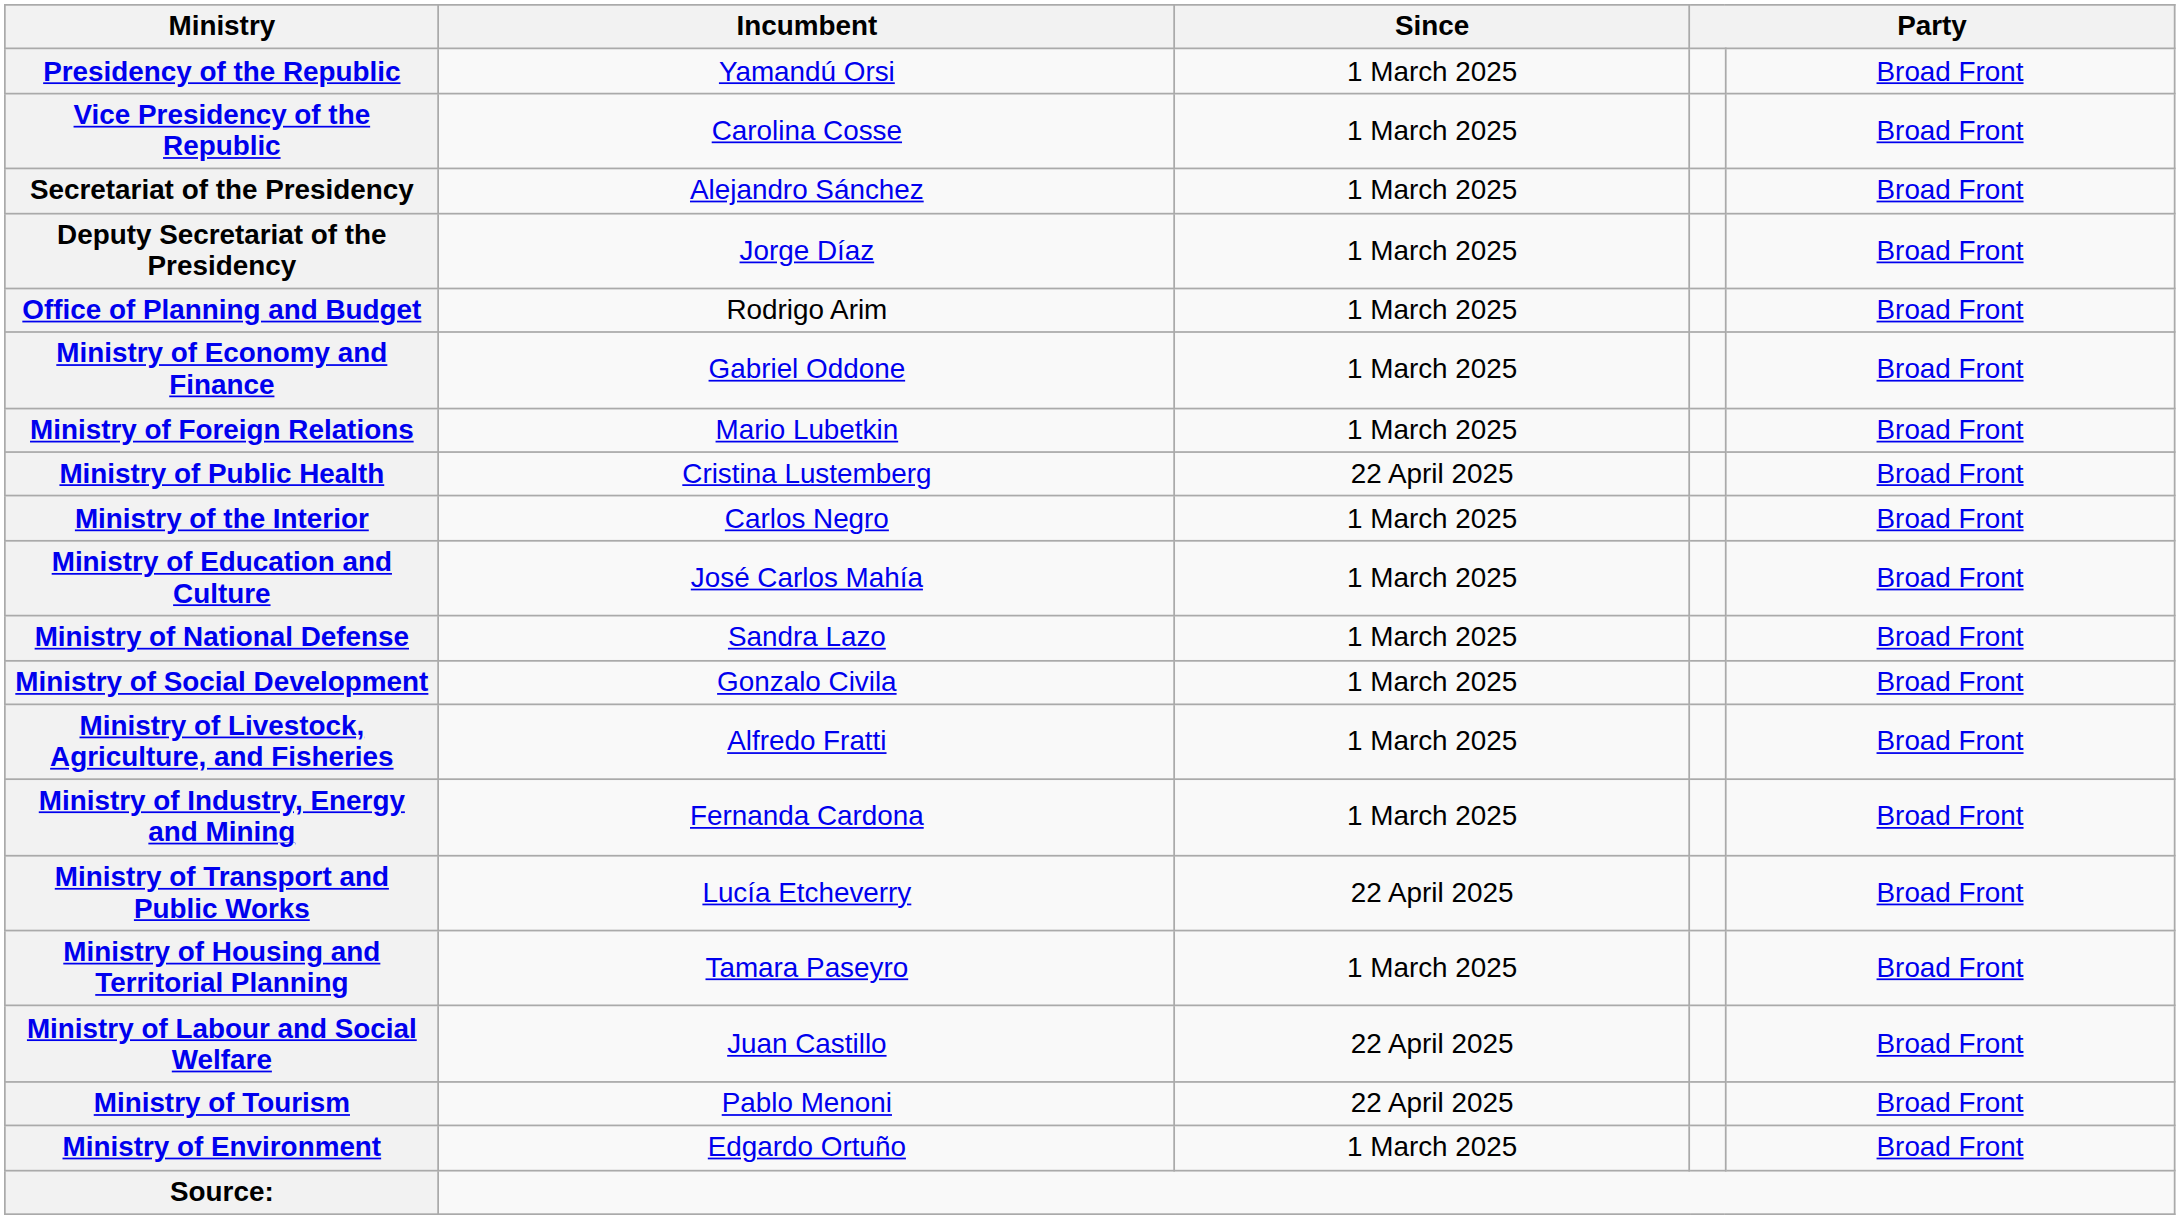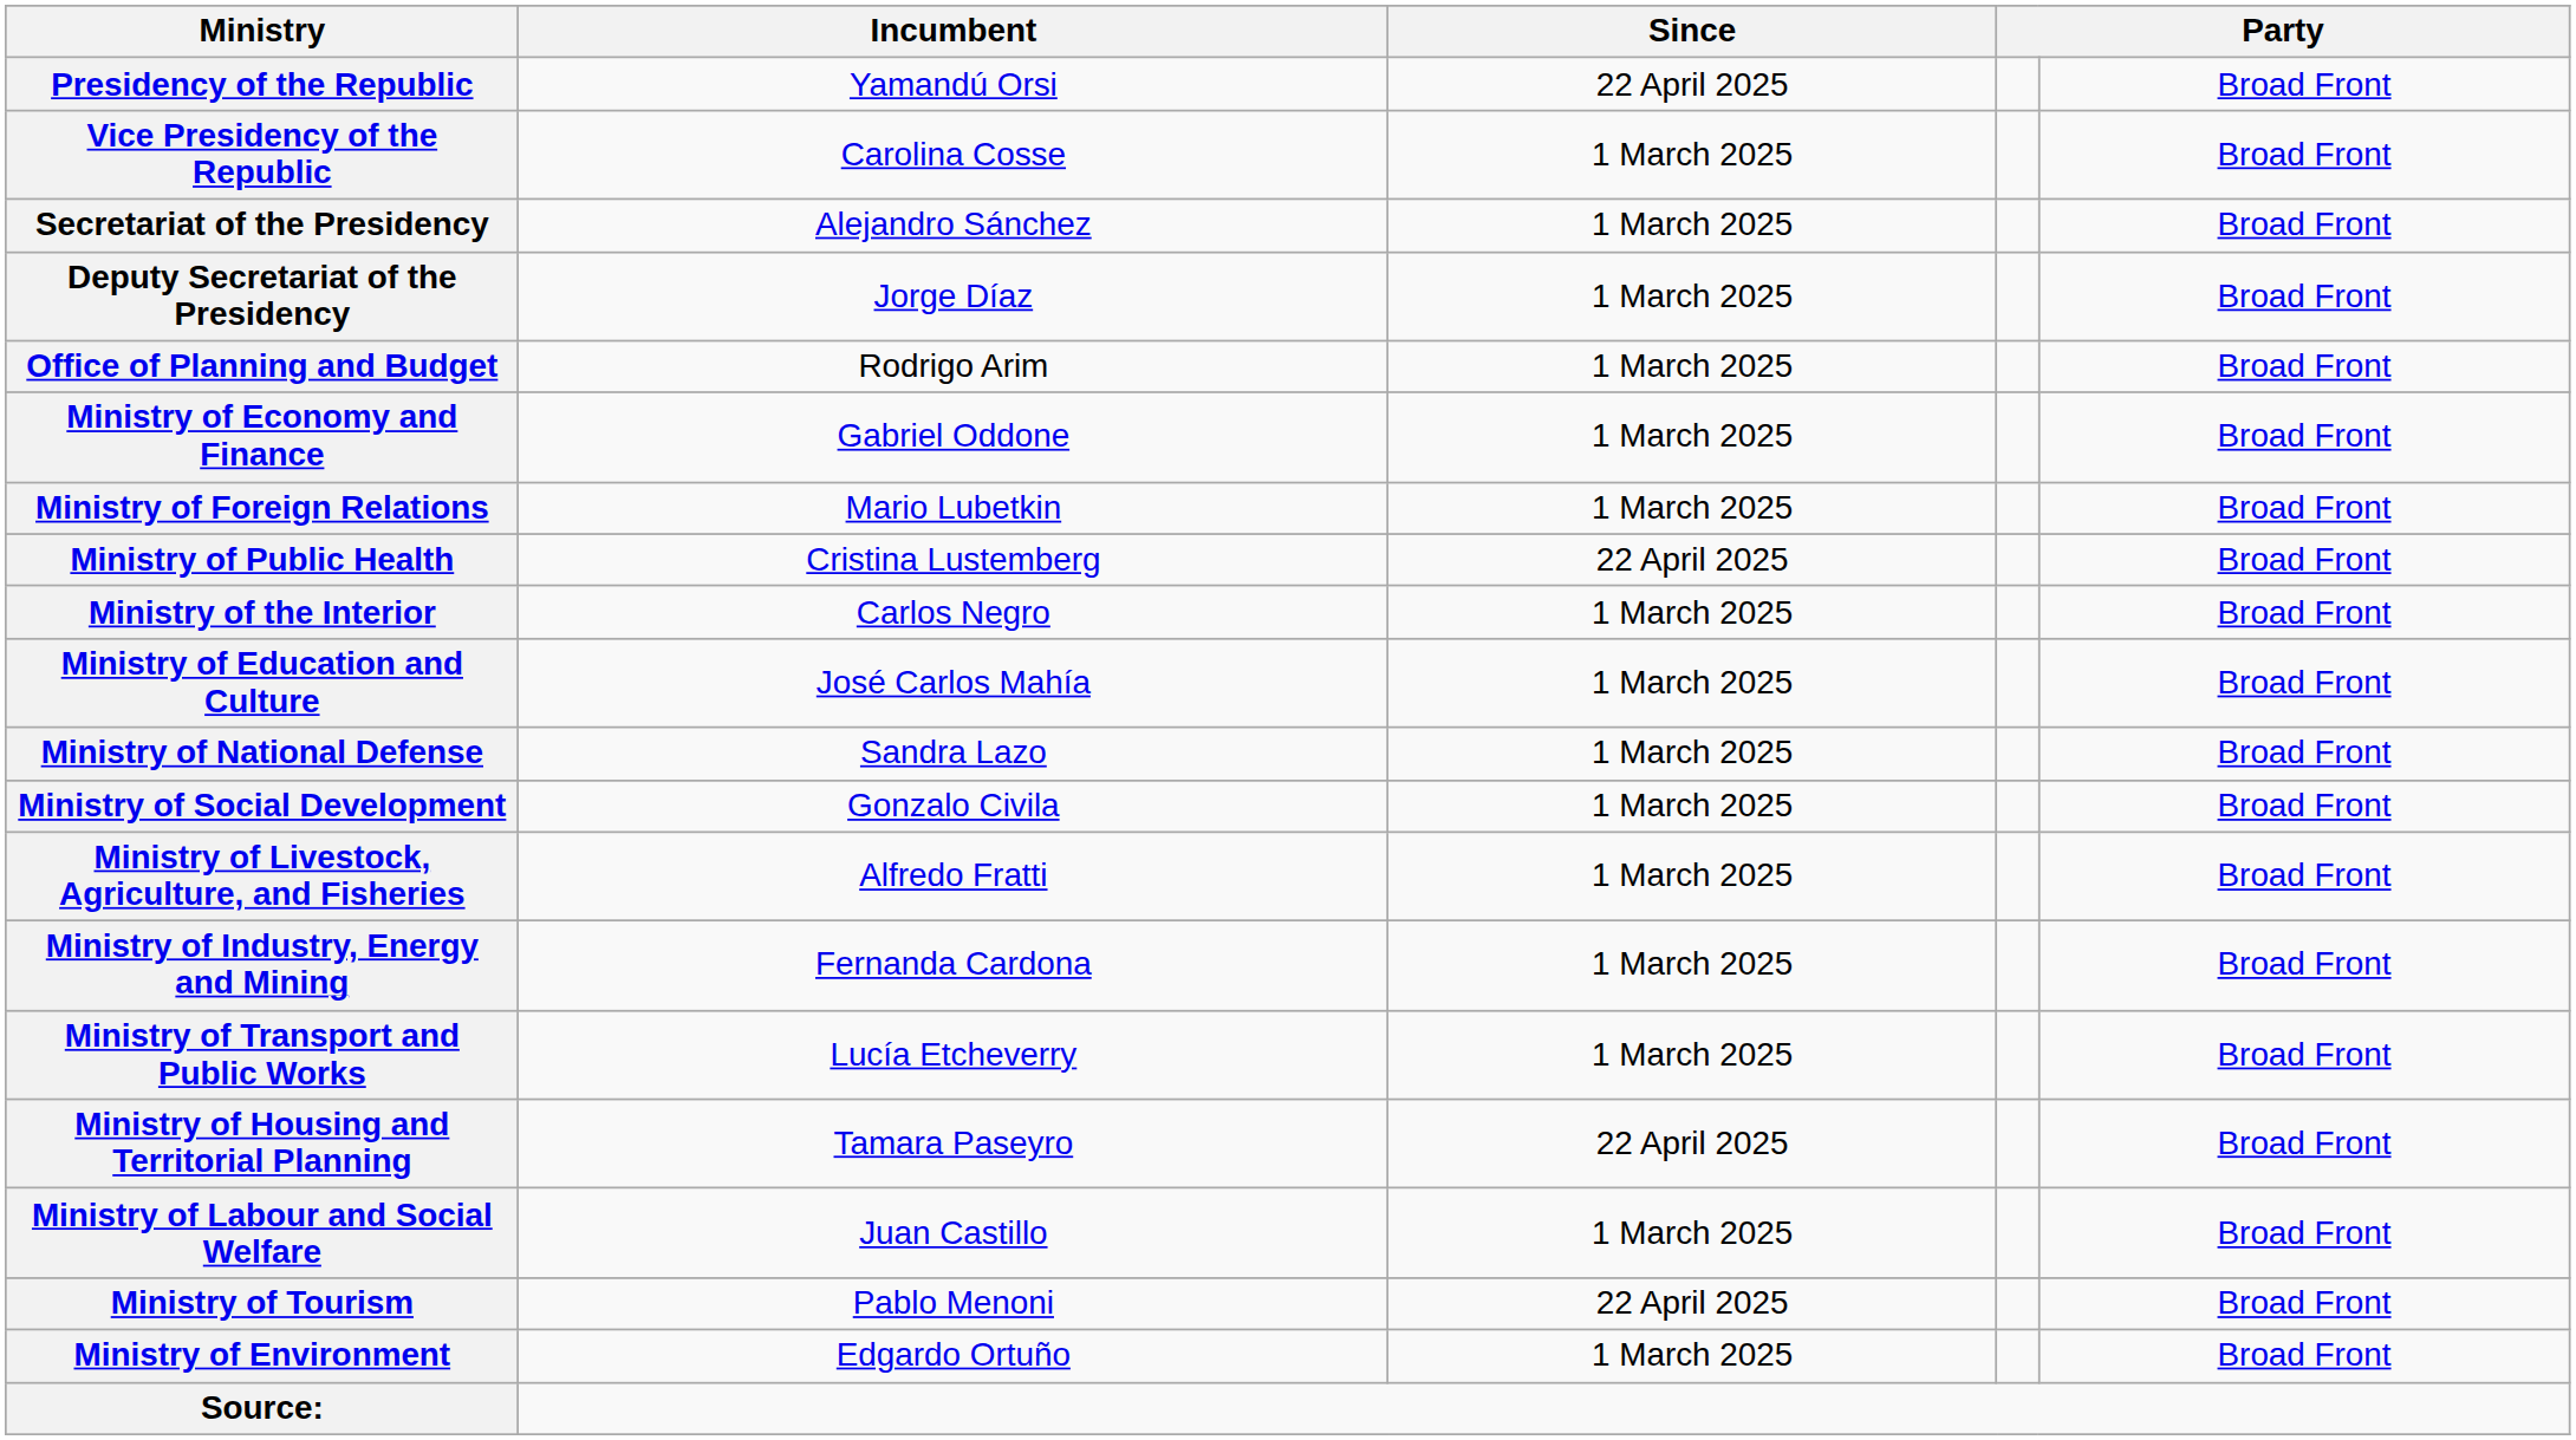 <table class="wikitable sortable" style="text-align:center">
 <tr>
 <th width="20%">Ministry</th>
 <th>Incumbent</th>
 <th>Since</th>
 <th colspan="2">Party</th>
 </tr>
 <tr>
 <th style="text-align:center"><a href='#'>Presidency of the Republic</a></th>
 <td><a href='#'>Yamandú Orsi</a></td>
-<td>1 March 2025</td>
+<td>22 April 2025</td>
 <td style="background-color:"></td>
 <td><a href='#'>Broad Front</a></td>
 </tr>
 <tr>
 <th style="text-align:center"><a href='#'>Vice Presidency of the Republic</a></th>
 <td><a href='#'>Carolina Cosse</a></td>
 <td>1 March 2025</td>
 <td style="background-color:"></td>
 <td><a href='#'>Broad Front</a></td>
 </tr>
 <tr>
 <th style="text-align:center">Secretariat of the Presidency</th>
 <td><a href='#'>Alejandro Sánchez</a></td>
 <td>1 March 2025</td>
 <td style="background-color:"></td>
 <td><a href='#'>Broad Front</a></td>
 </tr>
 <tr>
 <th style="text-align:center">Deputy Secretariat of the Presidency</th>
 <td><a href='#'>Jorge Díaz</a></td>
 <td>1 March 2025</td>
 <td style="background-color:"></td>
 <td><a href='#'>Broad Front</a></td>
 </tr>
 <tr>
 <th><a href='#'>Office of Planning and Budget</a></th>
 <td>Rodrigo Arim</td>
 <td>1 March 2025</td>
 <td style="background-color:"></td>
 <td><a href='#'>Broad Front</a></td>
 </tr>
 <tr>
 <th style="text-align:center"><a href='#'>Ministry of Economy and Finance</a></th>
 <td><a href='#'>Gabriel Oddone</a></td>
 <td>1 March 2025</td>
 <td style="background-color:"></td>
 <td><a href='#'>Broad Front</a></td>
 </tr>
 <tr>
 <th style="text-align:center"><a href='#'>Ministry of Foreign Relations</a></th>
 <td><a href='#'>Mario Lubetkin</a></td>
 <td>1 March 2025</td>
 <td style="background-color:"></td>
 <td><a href='#'>Broad Front</a></td>
 </tr>
 <tr>
 <th><a href='#'>Ministry of Public Health</a></th>
 <td><a href='#'>Cristina Lustemberg</a></td>
 <td>22 April 2025</td>
 <td style="background-color:"></td>
 <td><a href='#'>Broad Front</a></td>
 </tr>
 <tr>
 <th><a href='#'>Ministry of the Interior</a></th>
 <td><a href='#'>Carlos Negro</a></td>
 <td>1 March 2025</td>
 <td style="background-color:"></td>
 <td><a href='#'>Broad Front</a></td>
 </tr>
 <tr>
 <th><a href='#'>Ministry of Education and Culture</a></th>
 <td><a href='#'>José Carlos Mahía</a></td>
 <td>1 March 2025</td>
 <td style="background-color:"></td>
 <td><a href='#'>Broad Front</a></td>
 </tr>
 <tr>
 <th><a href='#'>Ministry of National Defense</a></th>
 <td><a href='#'>Sandra Lazo</a></td>
 <td>1 March 2025</td>
 <td style="background-color:"></td>
 <td><a href='#'>Broad Front</a></td>
 </tr>
 <tr>
 <th style="text-align:center"><a href='#'>Ministry of Social Development</a></th>
 <td><a href='#'>Gonzalo Civila</a></td>
 <td>1 March 2025</td>
 <td style="background-color:"></td>
 <td><a href='#'>Broad Front</a></td>
 </tr>
 <tr>
 <th style="text-align:center"><a href='#'>Ministry of Livestock, Agriculture, and Fisheries</a></th>
 <td><a href='#'>Alfredo Fratti</a></td>
 <td>1 March 2025</td>
 <td style="background-color:"></td>
 <td><a href='#'>Broad Front</a></td>
 </tr>
 <tr>
 <th style="text-align:center"><a href='#'>Ministry of Industry, Energy and Mining</a></th>
 <td><a href='#'>Fernanda Cardona</a></td>
 <td>1 March 2025</td>
 <td style="background-color:"></td>
 <td><a href='#'>Broad Front</a></td>
 </tr>
 <tr>
 <th style="text-align:center"><a href='#'>Ministry of Transport and Public Works</a></th>
 <td><a href='#'>Lucía Etcheverry</a></td>
-<td>22 April 2025</td>
+<td>1 March 2025</td>
 <td style="background-color:"></td>
 <td><a href='#'>Broad Front</a></td>
 </tr>
 <tr>
 <th><a href='#'>Ministry of Housing and Territorial Planning</a></th>
 <td><a href='#'>Tamara Paseyro</a></td>
-<td>1 March 2025</td>
+<td>22 April 2025</td>
 <td style="background-color:"></td>
 <td><a href='#'>Broad Front</a></td>
 </tr>
 <tr>
 <th><a href='#'>Ministry of Labour and Social Welfare</a></th>
 <td><a href='#'>Juan Castillo</a></td>
-<td>22 April 2025</td>
+<td>1 March 2025</td>
 <td style="background-color:"></td>
 <td><a href='#'>Broad Front</a></td>
 </tr>
 <tr>
 <th><a href='#'>Ministry of Tourism</a></th>
 <td><a href='#'>Pablo Menoni</a></td>
 <td>22 April 2025</td>
 <td style="background-color:"></td>
 <td><a href='#'>Broad Front</a></td>
 </tr>
 <tr>
 <th><a href='#'>Ministry of Environment</a></th>
 <td><a href='#'>Edgardo Ortuño</a></td>
 <td>1 March 2025</td>
 <td style="background-color:"></td>
 <td><a href='#'>Broad Front</a></td>
 </tr>
 <tr>
 <th>Source:</th>
 </tr>
 </table>
